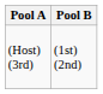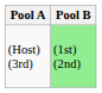 <table class="wikitable">
 <tr>
 <th width=45%>Pool A</th>
 <th width=45%>Pool B</th>
 </tr>
 <tr>
 <td><br> (Host)<br>  (3rd)<br> <br> </td>
-<td><br> (1st)<br>  (2nd)<br> <br> </td>
+<td style="background: lightgreen;"><br> (1st)<br>  (2nd)<br> <br> </td>
 </tr>
 </table>
